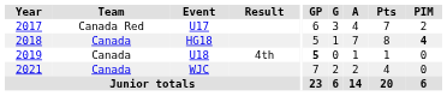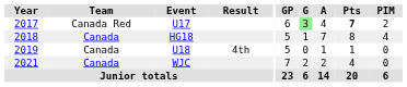 <table border="0" cellpadding="1" cellspacing="0" ID="Table3" style="text-align:center; width:40em;">
 <tr bgcolor="#e0e0e0">
 <th>Year</th>
 <th>Team</th>
 <th>Event</th>
 <th>Result</th>
 <th rowspan="99" bgcolor="#ffffff"></th>
 <th>GP</th>
 <th>G</th>
 <th>A</th>
 <th>Pts</th>
 <th>PIM</th>
 </tr>
 <tr>
 <td><a href='#'>2017</a></td>
 <td>Canada Red</td>
 <td><a href='#'>U17</a></td>
 <td></td>
 <td>6</td>
-<td>3</td>
+<td style="background: lightgreen;">3</td>
 <td>4</td>
-<td>7</td>
+<td><strong>7</strong></td>
 <td>2</td>
 </tr>
 <tr bgcolor="#f0f0f0">
 <td><a href='#'>2018</a></td>
 <td><a href='#'>Canada</a></td>
 <td><a href='#'>HG18</a></td>
 <td></td>
 <td>5</td>
 <td>1</td>
 <td>7</td>
 <td>8</td>
-<td><strong>4</strong></td>
+<td>4</td>
 </tr>
 <tr>
 <td><a href='#'>2019</a></td>
 <td>Canada</td>
 <td><a href='#'>U18</a></td>
 <td>4th</td>
-<td><strong>5</strong></td>
+<td>5</td>
 <td>0</td>
 <td>1</td>
 <td>1</td>
 <td>0</td>
 </tr>
 <tr bgcolor="#f0f0f0">
 <td><a href='#'>2021</a></td>
 <td><a href='#'>Canada</a></td>
 <td><a href='#'>WJC</a></td>
 <td></td>
 <td>7</td>
 <td>2</td>
 <td>2</td>
 <td>4</td>
 <td>0</td>
 </tr>
 <tr bgcolor="#e0e0e0">
 <th colspan="4">Junior totals</th>
 <th>23</th>
 <th>6</th>
 <th>14</th>
 <th>20</th>
 <th>6</th>
 </tr>
 </table>
